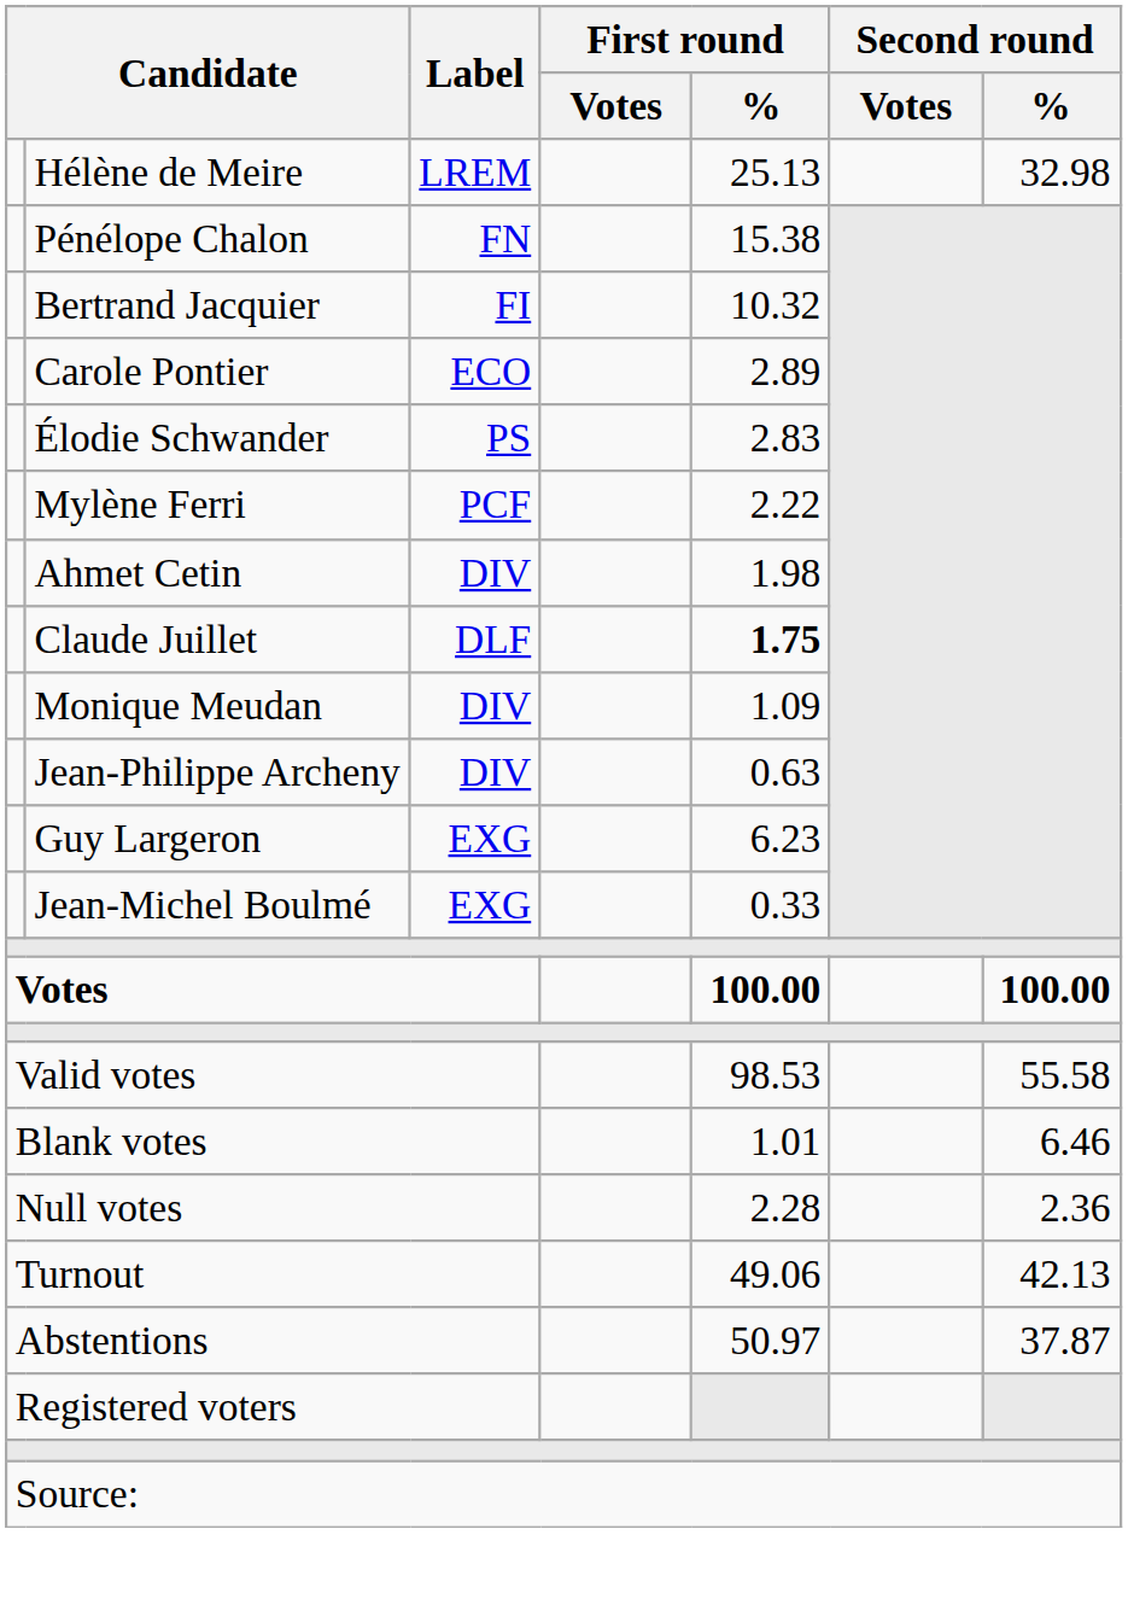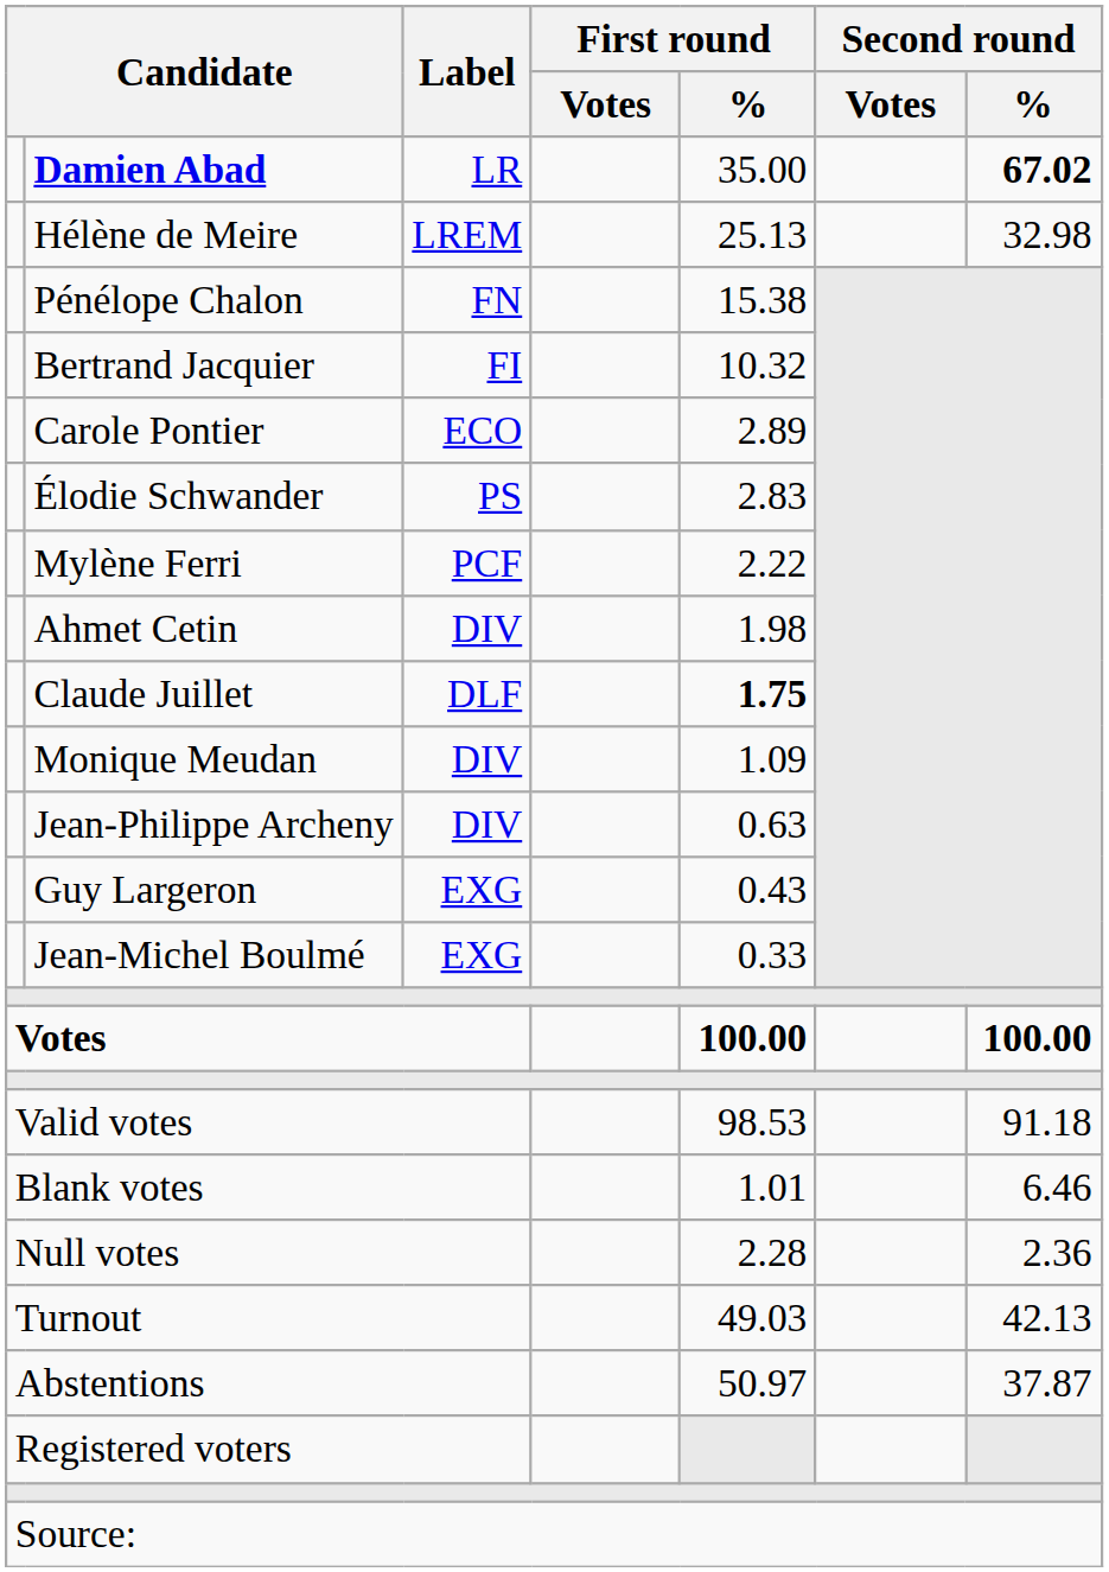 <table class="wikitable" style="text-align:right;font-size:95%;">
 <tr>
 <th colspan="2" rowspan="2">Candidate</th>
 <th rowspan="2">Label</th>
 <th colspan="2">First round</th>
 <th colspan="2">Second round</th>
 </tr>
 <tr>
 <th style="width:50px;">Votes</th>
 <th style="width:45px;">%</th>
 <th style="width:50px;">Votes</th>
 <th style="width:45px;">%</th>
+</tr>
+<tr>
+<td style="color:inherit;background:"></td>
+<td style="text-align:left;"><strong><a href='#'>Damien Abad</a></strong></td>
+<td><a href='#'>LR</a></td>
+<td></td>
+<td>35.00</td>
+<td><strong></strong></td>
+<td><strong>67.02</strong></td>
 </tr>
 <tr>
 <td style="color:inherit;background:"></td>
 <td style="text-align:left;">Hélène de Meire</td>
 <td><a href='#'>LREM</a></td>
 <td></td>
 <td>25.13</td>
 <td></td>
 <td>32.98</td>
 </tr>
 <tr>
 <td style="color:inherit;background:"></td>
 <td style="text-align:left;">Pénélope Chalon</td>
 <td><a href='#'>FN</a></td>
 <td></td>
 <td>15.38</td>
 <td colspan="2" rowspan="11" style="background:#E9E9E9;"></td>
 </tr>
 <tr>
 <td style="color:inherit;background:"></td>
 <td style="text-align:left;">Bertrand Jacquier</td>
 <td><a href='#'>FI</a></td>
 <td></td>
 <td>10.32</td>
 </tr>
 <tr>
 <td style="color:inherit;background:"></td>
 <td style="text-align:left;">Carole Pontier</td>
 <td><a href='#'>ECO</a></td>
 <td></td>
 <td>2.89</td>
 </tr>
 <tr>
 <td style="color:inherit;background:"></td>
 <td style="text-align:left;">Élodie Schwander</td>
 <td><a href='#'>PS</a></td>
 <td></td>
 <td>2.83</td>
 </tr>
 <tr>
 <td style="color:inherit;background:"></td>
 <td style="text-align:left;">Mylène Ferri</td>
 <td><a href='#'>PCF</a></td>
 <td></td>
 <td>2.22</td>
 </tr>
 <tr>
 <td style="color:inherit;background:"></td>
 <td style="text-align:left;">Ahmet Cetin</td>
 <td><a href='#'>DIV</a></td>
 <td></td>
 <td>1.98</td>
 </tr>
 <tr>
 <td style="color:inherit;background:"></td>
 <td style="text-align:left;">Claude Juillet</td>
 <td><a href='#'>DLF</a></td>
 <td></td>
 <td><strong>1.75</strong></td>
 </tr>
 <tr>
 <td style="color:inherit;background:"></td>
 <td style="text-align:left;">Monique Meudan</td>
 <td><a href='#'>DIV</a></td>
 <td></td>
 <td>1.09</td>
 </tr>
 <tr>
 <td style="color:inherit;background:"></td>
 <td style="text-align:left;">Jean-Philippe Archeny</td>
 <td><a href='#'>DIV</a></td>
 <td></td>
 <td>0.63</td>
 </tr>
 <tr>
 <td style="color:inherit;background:"></td>
 <td style="text-align:left;">Guy Largeron</td>
 <td><a href='#'>EXG</a></td>
 <td></td>
-<td>6.23</td>
+<td>0.43</td>
 </tr>
 <tr>
 <td style="color:inherit;background:"></td>
 <td style="text-align:left;">Jean-Michel Boulmé</td>
 <td><a href='#'>EXG</a></td>
 <td></td>
 <td>0.33</td>
 </tr>
 <tr>
 <td colspan="7" style="background:#E9E9E9;"></td>
 </tr>
 <tr style="font-weight:bold;">
 <td colspan="3" style="text-align:left;">Votes</td>
 <td></td>
 <td>100.00</td>
 <td></td>
 <td>100.00</td>
 </tr>
 <tr>
 <td colspan="7" style="background:#E9E9E9;"></td>
 </tr>
 <tr>
 <td colspan="3" style="text-align:left;">Valid votes</td>
 <td></td>
 <td>98.53</td>
 <td></td>
-<td>55.58</td>
+<td>91.18</td>
 </tr>
 <tr>
 <td colspan="3" style="text-align:left;">Blank votes</td>
 <td></td>
 <td>1.01</td>
 <td></td>
 <td>6.46</td>
 </tr>
 <tr>
 <td colspan="3" style="text-align:left;">Null votes</td>
 <td></td>
 <td>2.28</td>
 <td></td>
 <td>2.36</td>
 </tr>
 <tr>
 <td colspan="3" style="text-align:left;">Turnout</td>
 <td></td>
-<td>49.06</td>
+<td>49.03</td>
 <td></td>
 <td>42.13</td>
 </tr>
 <tr>
 <td colspan="3" style="text-align:left;">Abstentions</td>
 <td></td>
 <td>50.97</td>
 <td></td>
 <td>37.87</td>
 </tr>
 <tr>
 <td colspan="3" style="text-align:left;">Registered voters</td>
 <td></td>
 <td style="color:inherit;background:#E9E9E9;"></td>
 <td></td>
 <td style="color:inherit;background:#E9E9E9;"></td>
 </tr>
 <tr>
 <td colspan="7" style="background:#E9E9E9;"></td>
 </tr>
 <tr>
 <td colspan="7" style="text-align:left;">Source: </td>
 </tr>
 </table>
